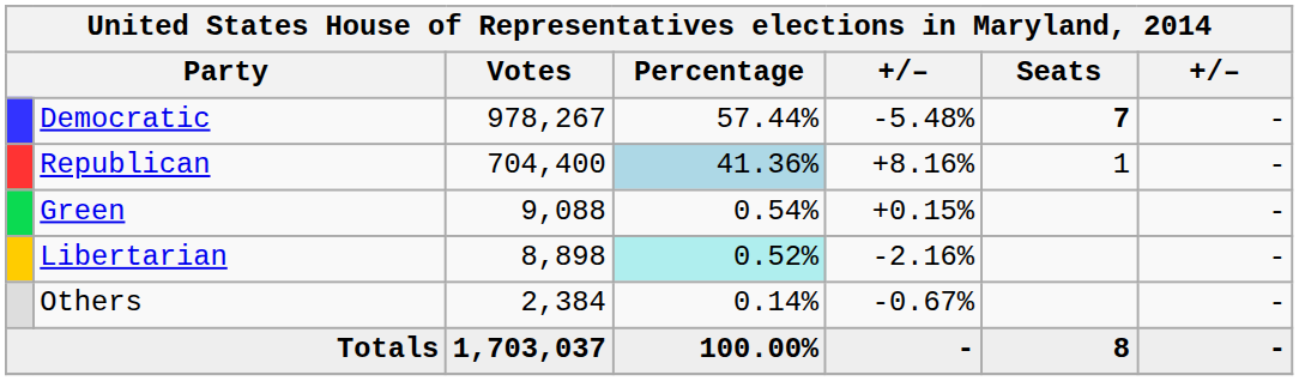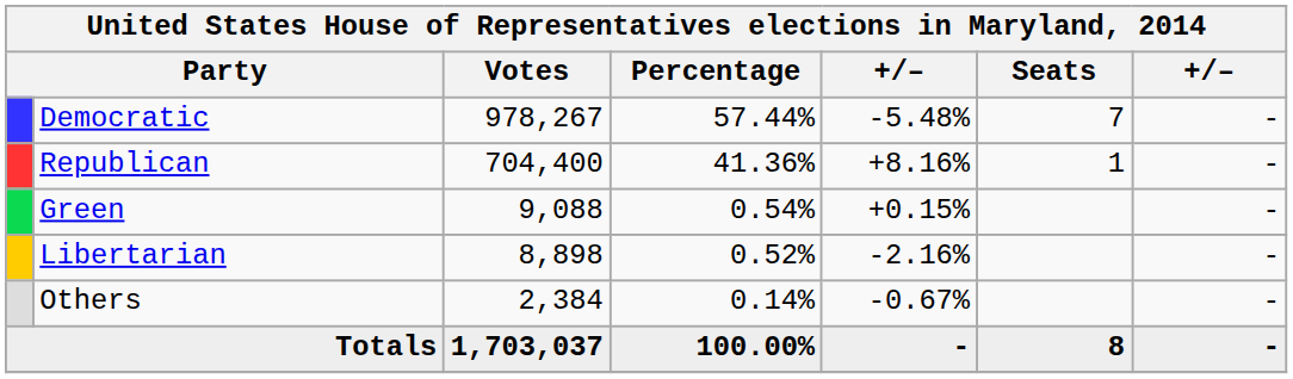 <table class="wikitable" style="font-size: 95%;">
 <tr>
 <th colspan="7">United States House of Representatives elections in Maryland, 2014</th>
 </tr>
 <tr>
 <th colspan=2 style="width: 15em">Party</th>
 <th style="width: 5em">Votes</th>
 <th style="width: 7em">Percentage</th>
 <th style="width: 5em">+/–</th>
 <th style="width: 5em">Seats</th>
 <th style="width: 5em">+/–</th>
 </tr>
 <tr>
 <th style="background-color:#3333FF; width: 3px"></th>
 <td style="width: 130px"><a href='#'>Democratic</a></td>
 <td align="right">978,267</td>
 <td align="right">57.44%</td>
 <td align="right">-5.48%</td>
-<td align="right"><strong>7</strong></td>
+<td align="right">7</td>
 <td align="right">-</td>
 </tr>
 <tr>
 <th style="background-color:#FF3333; width: 3px"></th>
 <td style="width: 130px"><a href='#'>Republican</a></td>
 <td align="right">704,400</td>
-<td align="right" style="background: lightblue;">41.36%</td>
+<td align="right">41.36%</td>
 <td align="right">+8.16%</td>
 <td align="right">1</td>
 <td align="right">-</td>
 </tr>
 <tr>
 <th style="background-color:#0BDA51; width: 3px"></th>
 <td style="width: 130px"><a href='#'>Green</a></td>
 <td align="right">9,088</td>
 <td align="right">0.54%</td>
 <td align="right">+0.15%</td>
 <td align="right"></td>
 <td align="right">-</td>
 </tr>
 <tr>
 <th style="background-color:#FFCC00; width: 3px"></th>
 <td style="width: 130px"><a href='#'>Libertarian</a></td>
 <td align="right">8,898</td>
-<td align="right" style="background: paleturquoise;">0.52%</td>
+<td align="right">0.52%</td>
 <td align="right">-2.16%</td>
 <td align="right"></td>
 <td align="right">-</td>
 </tr>
 <tr>
 <th style="background-color:#DDDDDD; width: 3px"></th>
 <td style="width: 130px">Others</td>
 <td align="right">2,384</td>
 <td align="right">0.14%</td>
 <td align="right">-0.67%</td>
 <td align="right"></td>
 <td align="right">-</td>
 </tr>
 <tr bgcolor="#EEEEEE">
 <td colspan="2" align="right"><strong>Totals</strong></td>
 <td align="right"><strong>1,703,037</strong></td>
 <td align="right"><strong>100.00%</strong></td>
 <td align="right"><strong>-</strong></td>
 <td align="right"><strong>8</strong></td>
 <td align="right"><strong>-</strong></td>
 </tr>
 <tr bgcolor="#EEEEEE">
 </tr>
 </table>
